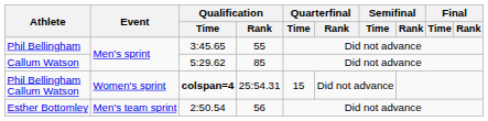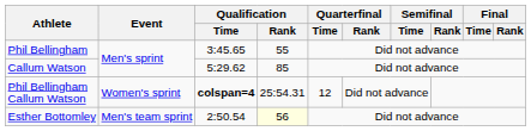 <table class="wikitable" style="font-size:90%">
 <tr>
 <th rowspan="2">Athlete</th>
 <th rowspan="2">Event</th>
 <th colspan="2">Qualification</th>
 <th colspan="2">Quarterfinal</th>
 <th colspan="2">Semifinal</th>
 <th colspan="2">Final</th>
 </tr>
 <tr style="font-size:95%">
 <th>Time</th>
 <th>Rank</th>
 <th>Time</th>
 <th>Rank</th>
 <th>Time</th>
 <th>Rank</th>
 <th>Time</th>
 <th>Rank</th>
 </tr>
 <tr align=center>
 <td align=left><a href='#'>Phil Bellingham</a></td>
 <td align=left rowspan=2><a href='#'>Men's sprint</a></td>
 <td>3:45.65</td>
 <td>55</td>
 <td colspan=6>Did not advance</td>
 </tr>
 <tr align=center>
 <td align=left><a href='#'>Callum Watson</a></td>
 <td>5:29.62</td>
 <td>85</td>
 <td colspan=6>Did not advance</td>
 </tr>
 <tr align=center>
 <td align=left><a href='#'>Phil Bellingham</a><br><a href='#'>Callum Watson</a></td>
 <td align=left><a href='#'>Women's sprint</a></td>
 <td><strong>colspan=4 </strong></td>
 <td>25:54.31</td>
-<td>15</td>
+<td>12</td>
 <td colspan=2>Did not advance</td>
 </tr>
 <tr align=center>
 <td align=left><a href='#'>Esther Bottomley</a></td>
 <td align=left><a href='#'>Men's team sprint</a></td>
 <td>2:50.54</td>
-<td>56</td>
+<td style="background: lightyellow;">56</td>
 <td colspan=6>Did not advance</td>
 </tr>
 </table>
